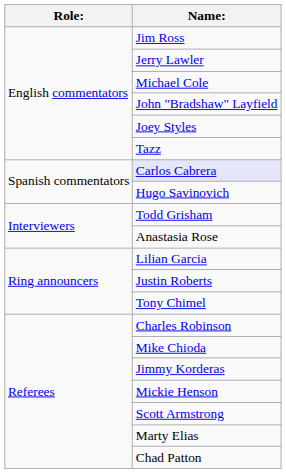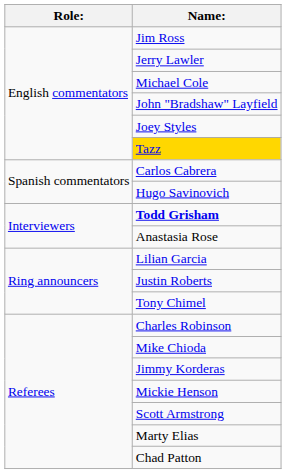 <table class="wikitable" border="1" style="float:right; border:1px; font-size:90%; margin-left:1em;">
 <tr>
 <th>Role:</th>
 <th>Name:</th>
 </tr>
 <tr>
 <td rowspan="6">English <a href='#'>commentators</a></td>
 <td><a href='#'>Jim Ross</a> </td>
 </tr>
 <tr>
 <td><a href='#'>Jerry Lawler</a> </td>
 </tr>
 <tr>
 <td><a href='#'>Michael Cole</a> </td>
 </tr>
 <tr>
 <td><a href='#'>John "Bradshaw" Layfield</a> </td>
 </tr>
 <tr>
 <td><a href='#'>Joey Styles</a> </td>
 </tr>
 <tr>
-<td><a href='#'>Tazz</a> </td>
+<td style="background: gold;"><a href='#'>Tazz</a> </td>
 </tr>
 <tr>
 <td rowspan=2>Spanish commentators</td>
-<td style="background: lavender;"><a href='#'>Carlos Cabrera</a></td>
+<td><a href='#'>Carlos Cabrera</a></td>
 </tr>
 <tr>
 <td><a href='#'>Hugo Savinovich</a></td>
 </tr>
 <tr>
 <td rowspan="2"><a href='#'>Interviewers</a></td>
-<td><a href='#'>Todd Grisham</a></td>
+<td><strong><a href='#'>Todd Grisham</a></strong></td>
 </tr>
 <tr>
 <td>Anastasia Rose</td>
 </tr>
 <tr>
 <td rowspan="3"><a href='#'>Ring announcers</a></td>
 <td><a href='#'>Lilian Garcia</a> </td>
 </tr>
 <tr>
 <td><a href='#'>Justin Roberts</a> </td>
 </tr>
 <tr>
 <td><a href='#'>Tony Chimel</a> </td>
 </tr>
 <tr>
 <td rowspan="8"><a href='#'>Referees</a></td>
 <td><a href='#'>Charles Robinson</a></td>
 </tr>
 <tr>
 <td><a href='#'>Mike Chioda</a></td>
 </tr>
 <tr>
 <td><a href='#'>Jimmy Korderas</a></td>
 </tr>
 <tr>
 <td><a href='#'>Mickie Henson</a></td>
 </tr>
 <tr>
 <td><a href='#'>Scott Armstrong</a></td>
 </tr>
 <tr>
 <td>Marty Elias</td>
 </tr>
 <tr>
 <td>Chad Patton</td>
 </tr>
 </table>
